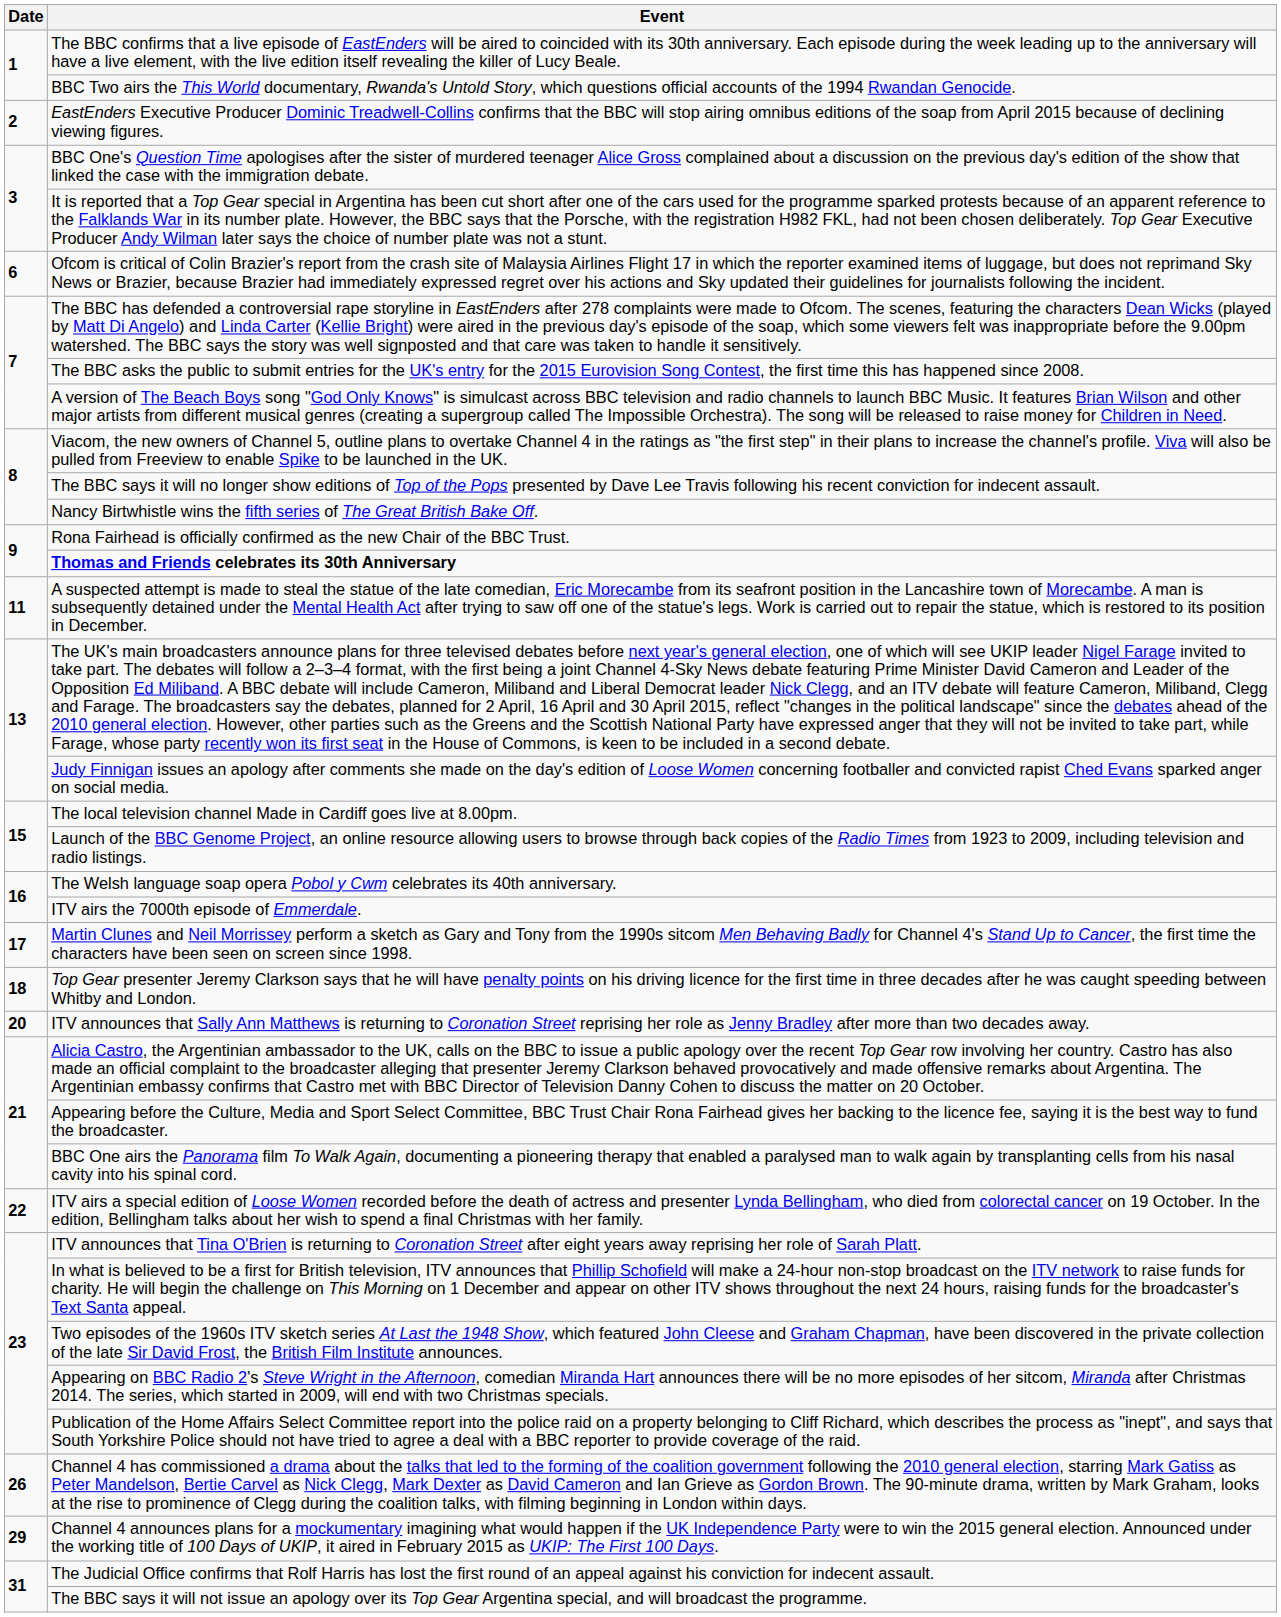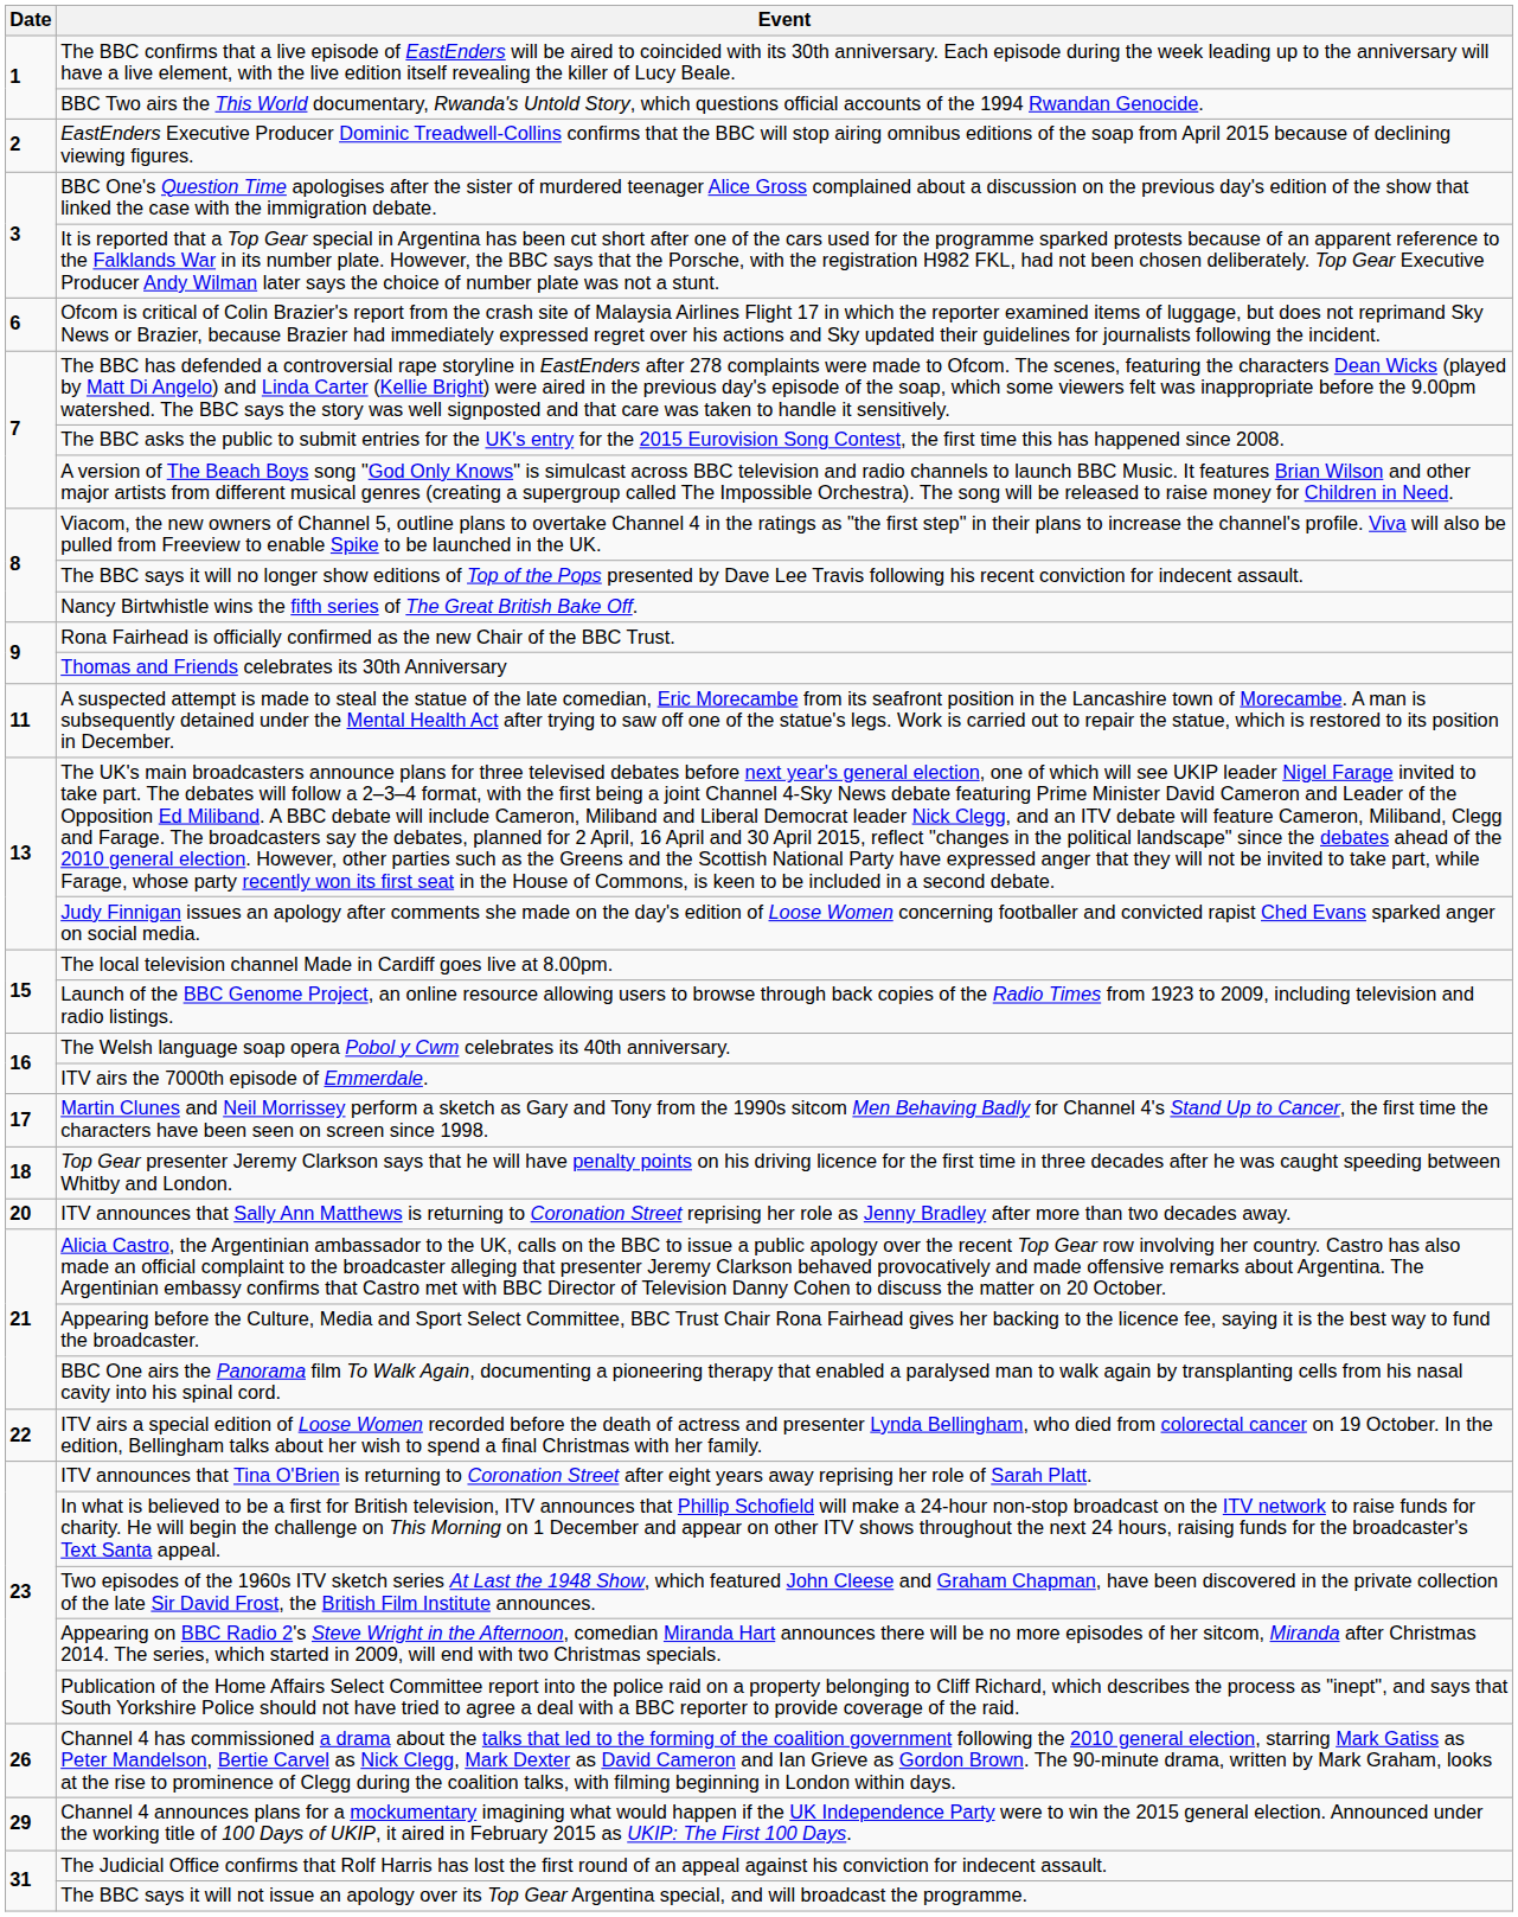 <table class="wikitable">
 <tr>
 <th>Date</th>
 <th>Event</th>
 </tr>
 <tr>
 <td rowspan=2><strong>1</strong></td>
 <td>The BBC confirms that a live episode of <em><a href='#'>EastEnders</a></em> will be aired to coincided with its 30th anniversary. Each episode during the week leading up to the anniversary will have a live element, with the live edition itself revealing the killer of Lucy Beale.</td>
 </tr>
 <tr>
 <td>BBC Two airs the <em><a href='#'>This World</a></em> documentary, <em>Rwanda's Untold Story</em>, which questions official accounts of the 1994 <a href='#'>Rwandan Genocide</a>.</td>
 </tr>
 <tr>
 <td><strong>2</strong></td>
 <td><em>EastEnders</em> Executive Producer <a href='#'>Dominic Treadwell-Collins</a> confirms that the BBC will stop airing omnibus editions of the soap from April 2015 because of declining viewing figures.</td>
 </tr>
 <tr>
 <td rowspan=2><strong>3</strong></td>
 <td>BBC One's <em><a href='#'>Question Time</a></em> apologises after the sister of murdered teenager <a href='#'>Alice Gross</a> complained about a discussion on the previous day's edition of the show that linked the case with the immigration debate.</td>
 </tr>
 <tr>
 <td>It is reported that a <em>Top Gear</em> special in Argentina has been cut short after one of the cars used for the programme sparked protests because of an apparent reference to the <a href='#'>Falklands War</a> in its number plate. However, the BBC says that the Porsche, with the registration H982 FKL, had not been chosen deliberately. <em>Top Gear</em> Executive Producer <a href='#'>Andy Wilman</a> later says the choice of number plate was not a stunt.</td>
 </tr>
 <tr>
 <td><strong>6</strong></td>
 <td>Ofcom is critical of Colin Brazier's report from the crash site of Malaysia Airlines Flight 17 in which the reporter examined items of luggage, but does not reprimand Sky News or Brazier, because Brazier had immediately expressed regret over his actions and Sky updated their guidelines for journalists following the incident.</td>
 </tr>
 <tr>
 <td rowspan=3><strong>7</strong></td>
 <td>The BBC has defended a controversial rape storyline in <em>EastEnders</em> after 278 complaints were made to Ofcom. The scenes, featuring the characters <a href='#'>Dean Wicks</a> (played by <a href='#'>Matt Di Angelo</a>) and <a href='#'>Linda Carter</a> (<a href='#'>Kellie Bright</a>) were aired in the previous day's episode of the soap, which some viewers felt was inappropriate before the 9.00pm watershed. The BBC says the story was well signposted and that care was taken to handle it sensitively.</td>
 </tr>
 <tr>
 <td>The BBC asks the public to submit entries for the <a href='#'>UK's entry</a> for the <a href='#'>2015 Eurovision Song Contest</a>, the first time this has happened since 2008.</td>
 </tr>
 <tr>
 <td>A version of <a href='#'>The Beach Boys</a> song "<a href='#'>God Only Knows</a>" is simulcast across BBC television and radio channels to launch BBC Music. It features <a href='#'>Brian Wilson</a> and other major artists from different musical genres (creating a supergroup called The Impossible Orchestra). The song will be released to raise money for <a href='#'>Children in Need</a>.</td>
 </tr>
 <tr>
 <td rowspan=3><strong>8</strong></td>
 <td>Viacom, the new owners of Channel 5, outline plans to overtake Channel 4 in the ratings as "the first step" in their plans to increase the channel's profile. <a href='#'>Viva</a> will also be pulled from Freeview to enable <a href='#'>Spike</a> to be launched in the UK.</td>
 </tr>
 <tr>
 <td>The BBC says it will no longer show editions of <em><a href='#'>Top of the Pops</a></em> presented by Dave Lee Travis following his recent conviction for indecent assault.</td>
 </tr>
 <tr>
 <td>Nancy Birtwhistle wins the <a href='#'>fifth series</a> of <em><a href='#'>The Great British Bake Off</a></em>.</td>
 </tr>
 <tr>
 <td rowspan=2><strong>9</strong></td>
 <td>Rona Fairhead is officially confirmed as the new Chair of the BBC Trust.</td>
 </tr>
 <tr>
-<td><strong><a href='#'>Thomas and Friends</a> celebrates its 30th Anniversary</strong></td>
+<td><a href='#'>Thomas and Friends</a> celebrates its 30th Anniversary</td>
 </tr>
 <tr>
 <td><strong>11</strong></td>
 <td>A suspected attempt is made to steal the statue of the late comedian, <a href='#'>Eric Morecambe</a> from its seafront position in the Lancashire town of <a href='#'>Morecambe</a>. A man is subsequently detained under the <a href='#'>Mental Health Act</a> after trying to saw off one of the statue's legs. Work is carried out to repair the statue, which is restored to its position in December.</td>
 </tr>
 <tr>
 <td rowspan=2><strong>13</strong></td>
 <td>The UK's main broadcasters announce plans for three televised debates before <a href='#'>next year's general election</a>, one of which will see UKIP leader <a href='#'>Nigel Farage</a> invited to take part. The debates will follow a 2–3–4 format, with the first being a joint Channel 4-Sky News debate featuring Prime Minister David Cameron and Leader of the Opposition <a href='#'>Ed Miliband</a>. A BBC debate will include Cameron, Miliband and Liberal Democrat leader <a href='#'>Nick Clegg</a>, and an ITV debate will feature Cameron, Miliband, Clegg and Farage. The broadcasters say the debates, planned for 2 April, 16 April and 30 April 2015, reflect "changes in the political landscape" since the <a href='#'>debates</a> ahead of the <a href='#'>2010 general election</a>. However, other parties such as the Greens and the Scottish National Party have expressed anger that they will not be invited to take part, while Farage, whose party <a href='#'>recently won its first seat</a> in the House of Commons, is keen to be included in a second debate.</td>
 </tr>
 <tr>
 <td><a href='#'>Judy Finnigan</a> issues an apology after comments she made on the day's edition of <em><a href='#'>Loose Women</a></em> concerning footballer and convicted rapist <a href='#'>Ched Evans</a> sparked anger on social media.</td>
 </tr>
 <tr>
 <td rowspan=2><strong>15</strong></td>
 <td>The local television channel Made in Cardiff goes live at 8.00pm.</td>
 </tr>
 <tr>
 <td>Launch of the <a href='#'>BBC Genome Project</a>, an online resource allowing users to browse through back copies of the <em><a href='#'>Radio Times</a></em> from 1923 to 2009, including television and radio listings.</td>
 </tr>
 <tr>
 <td rowspan=2><strong>16</strong></td>
 <td>The Welsh language soap opera <em><a href='#'>Pobol y Cwm</a></em> celebrates its 40th anniversary.</td>
 </tr>
 <tr>
 <td>ITV airs the 7000th episode of <em><a href='#'>Emmerdale</a></em>.</td>
 </tr>
 <tr>
 <td><strong>17</strong></td>
 <td><a href='#'>Martin Clunes</a> and <a href='#'>Neil Morrissey</a> perform a sketch as Gary and Tony from the 1990s sitcom <em><a href='#'>Men Behaving Badly</a></em> for Channel 4's <em><a href='#'>Stand Up to Cancer</a></em>, the first time the characters have been seen on screen since 1998.</td>
 </tr>
 <tr>
 <td><strong>18</strong></td>
 <td><em>Top Gear</em> presenter Jeremy Clarkson says that he will have <a href='#'>penalty points</a> on his driving licence for the first time in three decades after he was caught speeding between Whitby and London.</td>
 </tr>
 <tr>
 <td><strong>20</strong></td>
 <td>ITV announces that <a href='#'>Sally Ann Matthews</a> is returning to  <em><a href='#'>Coronation Street</a></em> reprising her role as <a href='#'>Jenny Bradley</a> after more than two decades away.</td>
 </tr>
 <tr>
 <td rowspan=3><strong>21</strong></td>
 <td><a href='#'>Alicia Castro</a>, the Argentinian ambassador to the UK, calls on the BBC to issue a public apology over the recent <em>Top Gear</em> row involving her country. Castro has also made an official complaint to the broadcaster alleging that presenter Jeremy Clarkson behaved provocatively and made offensive remarks about Argentina. The Argentinian embassy confirms that Castro met with BBC Director of Television Danny Cohen to discuss the matter on 20 October.</td>
 </tr>
 <tr>
 <td>Appearing before the Culture, Media and Sport Select Committee, BBC Trust Chair Rona Fairhead gives her backing to the licence fee, saying it is the best way to fund the broadcaster.</td>
 </tr>
 <tr>
 <td>BBC One airs the <em><a href='#'>Panorama</a></em> film <em>To Walk Again</em>, documenting a pioneering therapy that enabled a paralysed man to walk again by transplanting cells from his nasal cavity into his spinal cord.</td>
 </tr>
 <tr>
 <td><strong>22</strong></td>
 <td>ITV airs a special edition of <em><a href='#'>Loose Women</a></em> recorded before the death of actress and presenter <a href='#'>Lynda Bellingham</a>, who died from <a href='#'>colorectal cancer</a> on 19 October. In the edition, Bellingham talks about her wish to spend a final Christmas with her family.</td>
 </tr>
 <tr>
 <td rowspan=5><strong>23</strong></td>
 <td>ITV announces that <a href='#'>Tina O'Brien</a> is returning to <em><a href='#'>Coronation Street</a></em> after eight years away reprising her role of <a href='#'>Sarah Platt</a>.</td>
 </tr>
 <tr>
 <td>In what is believed to be a first for British television, ITV announces that <a href='#'>Phillip Schofield</a> will make a 24-hour non-stop broadcast on the <a href='#'>ITV network</a> to raise funds for charity. He will begin the challenge on <em>This Morning</em> on 1 December and appear on other ITV shows throughout the next 24 hours, raising funds for the broadcaster's <a href='#'>Text Santa</a> appeal.</td>
 </tr>
 <tr>
 <td>Two episodes of the 1960s ITV sketch series <em><a href='#'>At Last the 1948 Show</a></em>, which featured <a href='#'>John Cleese</a> and <a href='#'>Graham Chapman</a>, have been discovered in the private collection of the late <a href='#'>Sir David Frost</a>, the <a href='#'>British Film Institute</a> announces.</td>
 </tr>
 <tr>
 <td>Appearing on <a href='#'>BBC Radio 2</a>'s <em><a href='#'>Steve Wright in the Afternoon</a></em>, comedian <a href='#'>Miranda Hart</a> announces there will be no more episodes of her sitcom, <em><a href='#'>Miranda</a></em> after Christmas 2014. The series, which started in 2009, will end with two Christmas specials.</td>
 </tr>
 <tr>
 <td>Publication of the Home Affairs Select Committee report into the police raid on a property belonging to Cliff Richard, which describes the process as "inept", and says that South Yorkshire Police should not have tried to agree a deal with a BBC reporter to provide coverage of the raid.</td>
 </tr>
 <tr>
 <td><strong>26</strong></td>
 <td>Channel 4 has commissioned <a href='#'>a drama</a> about the <a href='#'>talks that led to the forming of the coalition government</a> following the <a href='#'>2010 general election</a>, starring <a href='#'>Mark Gatiss</a> as <a href='#'>Peter Mandelson</a>, <a href='#'>Bertie Carvel</a> as <a href='#'>Nick Clegg</a>, <a href='#'>Mark Dexter</a> as <a href='#'>David Cameron</a> and Ian Grieve as <a href='#'>Gordon Brown</a>. The 90-minute drama, written by Mark Graham, looks at the rise to prominence of Clegg during the coalition talks, with filming beginning in London within days.</td>
 </tr>
 <tr>
 <td><strong>29</strong></td>
 <td>Channel 4 announces plans for a <a href='#'>mockumentary</a> imagining what would happen if the <a href='#'>UK Independence Party</a> were to win the 2015 general election. Announced under the working title of <em>100 Days of UKIP</em>, it aired in February 2015 as <em><a href='#'>UKIP: The First 100 Days</a></em>.</td>
 </tr>
 <tr>
 <td rowspan=2><strong>31</strong></td>
 <td>The Judicial Office confirms that Rolf Harris has lost the first round of an appeal against his conviction for indecent assault.</td>
 </tr>
 <tr>
 <td>The BBC says it will not issue an apology over its <em>Top Gear</em> Argentina special, and will broadcast the programme.</td>
 </tr>
 </table>
